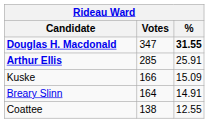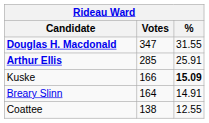 <table class="wikitable">
 <tr>
 <th colspan="3"><a href='#'>Rideau Ward</a></th>
 </tr>
 <tr>
 <th style="width: 200px">Candidate</th>
 <th style="width: 50px">Votes</th>
 <th style="width: 40px">%</th>
 </tr>
 <tr>
 <td><strong><a href='#'>Douglas H. Macdonald</a></strong></td>
 <td>347</td>
-<td><strong>31.55</strong></td>
+<td>31.55</td>
 </tr>
 <tr>
 <td><strong><a href='#'>Arthur Ellis</a></strong></td>
 <td>285</td>
 <td>25.91</td>
 </tr>
 <tr>
 <td>Kuske</td>
 <td>166</td>
-<td>15.09</td>
+<td><strong>15.09</strong></td>
 </tr>
 <tr>
 <td><a href='#'>Breary Slinn</a></td>
 <td>164</td>
 <td>14.91</td>
 </tr>
 <tr>
 <td>Coattee</td>
 <td>138</td>
 <td>12.55</td>
 </tr>
 </table>
